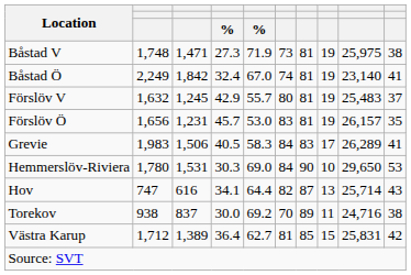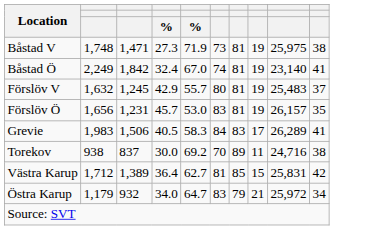 <table role="presentation" class="wikitable sortable mw-collapsible">
 <tr>
 <th rowspan="3">Location</th>
 <th></th>
 <th></th>
 <th></th>
 <th></th>
 <th></th>
 <th></th>
 <th></th>
 <th></th>
 <th></th>
 </tr>
 <tr>
 <th></th>
 <th></th>
 <th style="background:"></th>
 <th style="background:"></th>
 <th></th>
 <th></th>
 <th></th>
 <th></th>
 <th></th>
 </tr>
 <tr>
 <th data-sort-type="number"></th>
 <th data-sort-type="number"></th>
 <th data-sort-type="number">%</th>
 <th data-sort-type="number">%</th>
 <th data-sort-type="number"></th>
 <th data-sort-type="number"></th>
 <th data-sort-type="number"></th>
 <th data-sort-type="number"></th>
 <th data-sort-type="number"></th>
 </tr>
 <tr>
 <td align="left">Båstad V</td>
 <td>1,748</td>
 <td>1,471</td>
 <td>27.3</td>
 <td>71.9</td>
 <td>73</td>
 <td>81</td>
 <td>19</td>
 <td>25,975</td>
 <td>38</td>
 </tr>
 <tr>
 <td align="left">Båstad Ö</td>
 <td>2,249</td>
 <td>1,842</td>
 <td>32.4</td>
 <td>67.0</td>
 <td>74</td>
 <td>81</td>
 <td>19</td>
 <td>23,140</td>
 <td>41</td>
 </tr>
 <tr>
 <td align="left">Förslöv V</td>
 <td>1,632</td>
 <td>1,245</td>
 <td>42.9</td>
 <td>55.7</td>
 <td>80</td>
 <td>81</td>
 <td>19</td>
 <td>25,483</td>
 <td>37</td>
 </tr>
 <tr>
 <td align="left">Förslöv Ö</td>
 <td>1,656</td>
 <td>1,231</td>
 <td>45.7</td>
 <td>53.0</td>
 <td>83</td>
 <td>81</td>
 <td>19</td>
 <td>26,157</td>
 <td>35</td>
 </tr>
 <tr>
 <td align="left">Grevie</td>
 <td>1,983</td>
 <td>1,506</td>
 <td>40.5</td>
 <td>58.3</td>
 <td>84</td>
 <td>83</td>
 <td>17</td>
 <td>26,289</td>
 <td>41</td>
 </tr>
 <tr>
-<td align="left">Hemmerslöv-Riviera</td>
-<td>1,780</td>
-<td>1,531</td>
-<td>30.3</td>
-<td>69.0</td>
-<td>84</td>
-<td>90</td>
-<td>10</td>
-<td>29,650</td>
-<td>53</td>
-</tr>
-<tr>
-<td align="left">Hov</td>
-<td>747</td>
-<td>616</td>
-<td>34.1</td>
-<td>64.4</td>
-<td>82</td>
-<td>87</td>
-<td>13</td>
-<td>25,714</td>
-<td>43</td>
-</tr>
-<tr>
 <td align="left">Torekov</td>
 <td>938</td>
 <td>837</td>
 <td>30.0</td>
 <td>69.2</td>
 <td>70</td>
 <td>89</td>
 <td>11</td>
 <td>24,716</td>
 <td>38</td>
 </tr>
 <tr>
 <td align="left">Västra Karup</td>
 <td>1,712</td>
 <td>1,389</td>
 <td>36.4</td>
 <td>62.7</td>
 <td>81</td>
 <td>85</td>
 <td>15</td>
 <td>25,831</td>
 <td>42</td>
 </tr>
 <tr>
+<td align="left">Östra Karup</td>
+<td>1,179</td>
+<td>932</td>
+<td>34.0</td>
+<td>64.7</td>
+<td>83</td>
+<td>79</td>
+<td>21</td>
+<td>25,972</td>
+<td>34</td>
+</tr>
+<tr>
 <td colspan="10" align="left">Source: <a href='#'>SVT</a></td>
 </tr>
 </table>
